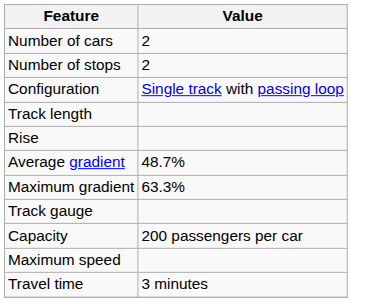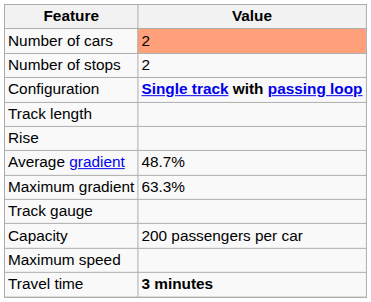 <table class="wikitable sortable mw-datatable plainrowheaders">
 <tr>
 <th>Feature</th>
 <th>Value</th>
 </tr>
 <tr>
 <td>Number of cars</td>
-<td>2</td>
+<td style="background: lightsalmon;">2</td>
 </tr>
 <tr>
 <td>Number of stops</td>
 <td>2</td>
 </tr>
 <tr>
 <td>Configuration</td>
-<td><a href='#'>Single track</a> with <a href='#'>passing loop</a></td>
+<td><strong><a href='#'>Single track</a> with <a href='#'>passing loop</a></strong></td>
 </tr>
 <tr>
 <td>Track length</td>
 <td></td>
 </tr>
 <tr>
 <td>Rise</td>
 <td></td>
 </tr>
 <tr>
 <td>Average <a href='#'>gradient</a></td>
 <td>48.7%</td>
 </tr>
 <tr>
 <td>Maximum gradient</td>
 <td>63.3%</td>
 </tr>
 <tr>
 <td>Track gauge</td>
 <td></td>
 </tr>
 <tr>
 <td>Capacity</td>
 <td>200 passengers per car</td>
 </tr>
 <tr>
 <td>Maximum speed</td>
 <td> </td>
 </tr>
 <tr>
 <td>Travel time</td>
-<td>3 minutes</td>
+<td><strong>3 minutes</strong></td>
 </tr>
 <tr>
 </tr>
 </table>
